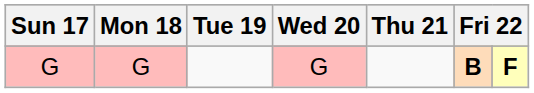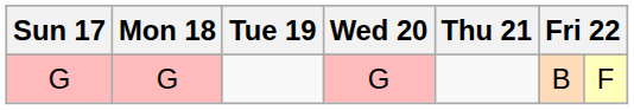 <table class="wikitable" style="margin:0.5em auto; font-size:90%; line-height:1.25em;text-align:center">
 <tr>
 <th>Sun 17</th>
 <th>Mon 18</th>
 <th>Tue 19</th>
 <th>Wed 20</th>
 <th>Thu 21</th>
 <th colspan="2">Fri 22</th>
 </tr>
 <tr>
 <td bgcolor="#FFBBBB">G</td>
 <td bgcolor="#FFBBBB">G</td>
 <td></td>
 <td bgcolor="#FFBBBB">G</td>
 <td></td>
-<td bgcolor="#FEDCBA"><strong>B</strong></td>
-<td bgcolor="#FFFFBB"><strong>F</strong></td>
+<td bgcolor="#FEDCBA">B</td>
+<td bgcolor="#FFFFBB">F</td>
 </tr>
 </table>
